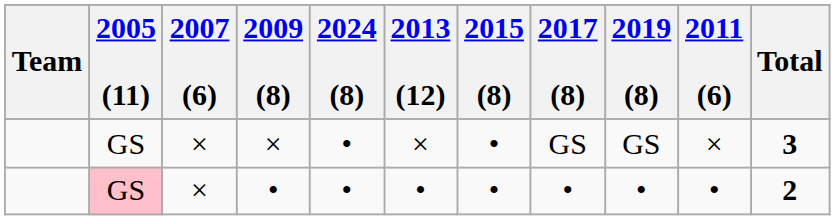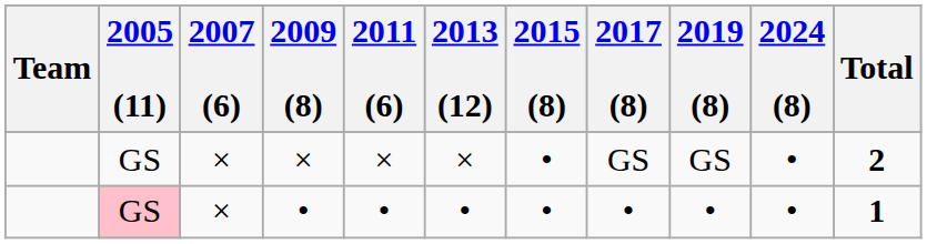 <table class="wikitable">
 <tr style="background:#cccccc;" align=center>
 <th>Team</th>
 <th><a href='#'>2005</a><br><br>(11)</th>
 <th><a href='#'>2007</a><br><br>(6)</th>
 <th><a href='#'>2009</a><br><br>(8)</th>
-<th><a href='#'>2024</a><br><br>(8)</th>
+<th><a href='#'>2011</a><br><br>(6)</th>
 <th><a href='#'>2013</a><br><br>(12)</th>
 <th><a href='#'>2015</a><br><br>(8)</th>
 <th><a href='#'>2017</a><br><br>(8)</th>
 <th><a href='#'>2019</a><br><br>(8)</th>
-<th><a href='#'>2011</a><br><br>(6)</th>
+<th><a href='#'>2024</a><br><br>(8)</th>
 <th>Total</th>
 </tr>
 <tr align=center>
 <td align=left></td>
 <td>GS</td>
 <td>×</td>
 <td>×</td>
-<td>•</td>
+<td>×</td>
 <td>×</td>
 <td>•</td>
 <td>GS</td>
 <td>GS</td>
-<td>×</td>
-<td><strong>3</strong></td>
+<td>•</td>
+<td><strong>2</strong></td>
 </tr>
 <tr align=center>
 <td align=left></td>
 <td style="background: pink;">GS</td>
 <td>×</td>
 <td>•</td>
 <td>•</td>
 <td>•</td>
 <td>•</td>
 <td>•</td>
 <td>•</td>
 <td>•</td>
-<td><strong>2</strong></td>
+<td><strong>1</strong></td>
 </tr>
 </table>
